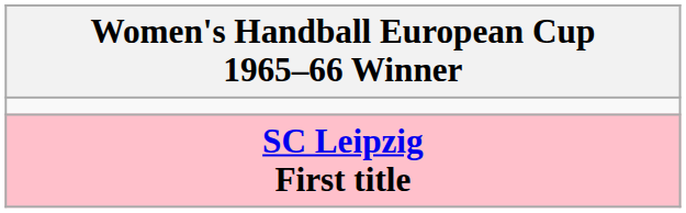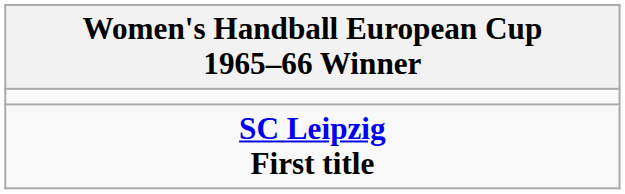 <table class="wikitable" style="text-align: center; margin: 0 auto; width: 20%">
 <tr>
 <th>Women's Handball European Cup <br>1965–66 Winner</th>
 </tr>
 <tr>
 <td></td>
 </tr>
 <tr>
-<td style="background: pink;"><strong> <a href='#'>SC Leipzig</a></strong><br><strong>First title</strong> <br></td>
+<td><strong> <a href='#'>SC Leipzig</a></strong><br><strong>First title</strong> <br></td>
 </tr>
 </table>
